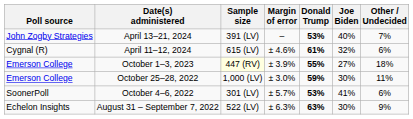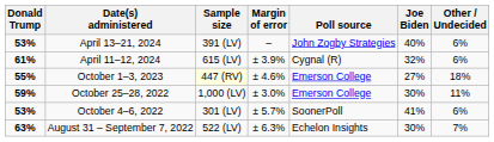 <table class="wikitable sortable mw-datatable" style="font-size:90%;text-align:center;line-height:17px">
 <tr valign=bottom>
-<th>Poll source</th>
+<th class="unsortable">Donald<br>Trump<br></th>
 <th>Date(s)<br>administered</th>
 <th>Sample<br>size</th>
 <th>Margin<br>of error</th>
-<th class="unsortable">Donald<br>Trump<br></th>
+<th>Poll source</th>
 <th class="unsortable">Joe<br>Biden<br></th>
 <th class="unsortable">Other /<br>Undecided</th>
 </tr>
 <tr>
-<td style="text-align:left;"><a href='#'>John Zogby Strategies</a></td>
+<td style="background-color:"><strong>53%</strong></td>
 <td data-sort-value="2024-05-01">April 13–21, 2024</td>
 <td>391 (LV)</td>
 <td>–</td>
-<td style="background-color:"><strong>53%</strong></td>
+<td style="text-align:left;"><a href='#'>John Zogby Strategies</a></td>
 <td>40%</td>
-<td>7%</td>
+<td>6%</td>
 </tr>
 <tr>
-<td style="text-align:left;">Cygnal (R)</td>
+<td style="background-color:"><strong>61%</strong></td>
 <td data-sort-value="2023-10-10">April 11–12, 2024</td>
 <td>615 (LV)</td>
-<td>± 4.6%</td>
-<td style="background-color:"><strong>61%</strong></td>
+<td>± 3.9%</td>
+<td style="text-align:left;">Cygnal (R)</td>
 <td>32%</td>
 <td>6%</td>
 </tr>
 <tr>
-<td style="text-align:left;"><a href='#'>Emerson College</a></td>
+<td style="background-color:"><strong>55%</strong></td>
 <td data-sort-value="2023-10-10">October 1–3, 2023</td>
 <td style="background: lightyellow;">447 (RV)</td>
-<td>± 3.9%</td>
-<td style="background-color:"><strong>55%</strong></td>
+<td>± 4.6%</td>
+<td style="text-align:left;"><a href='#'>Emerson College</a></td>
 <td>27%</td>
 <td>18%</td>
 </tr>
 <tr>
-<td style="text-align:left;"><a href='#'>Emerson College</a></td>
+<td style="background-color:"><strong>59%</strong></td>
 <td data-sort-value="2022-10-28">October 25–28, 2022</td>
 <td>1,000 (LV)</td>
 <td>± 3.0%</td>
-<td style="background-color:"><strong>59%</strong></td>
+<td style="text-align:left;"><a href='#'>Emerson College</a></td>
 <td>30%</td>
 <td>11%</td>
 </tr>
 <tr>
-<td style="text-align:left;">SoonerPoll</td>
+<td style="background-color:"><strong>53%</strong></td>
 <td data-sort-value="2022-10-06">October 4–6, 2022</td>
 <td>301 (LV)</td>
 <td>± 5.7%</td>
-<td style="background-color:"><strong>53%</strong></td>
+<td style="text-align:left;">SoonerPoll</td>
 <td>41%</td>
 <td>6%</td>
 </tr>
 <tr>
-<td style="text-align:left;">Echelon Insights</td>
+<td style="background-color:"><strong>63%</strong></td>
 <td data-sort-value="2022-09-07">August 31 – September 7, 2022</td>
 <td>522 (LV)</td>
 <td>± 6.3%</td>
-<td style="background-color:"><strong>63%</strong></td>
+<td style="text-align:left;">Echelon Insights</td>
 <td>30%</td>
-<td>9%</td>
+<td>7%</td>
 </tr>
 </table>
